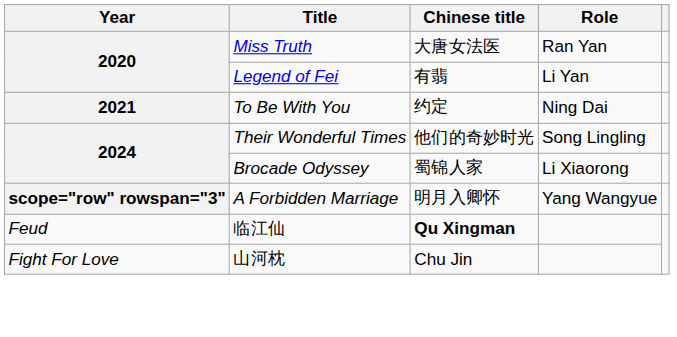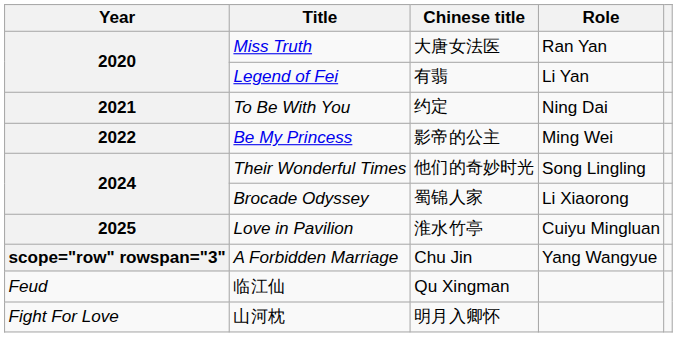 <table class="wikitable sortable plainrowheaders">
 <tr>
 <th scope="col">Year</th>
 <th scope="col">Title</th>
 <th scope="col">Chinese title</th>
 <th scope="col">Role</th>
 <th scope="col" class="unsortable"></th>
 </tr>
 <tr>
 <th scope="row" rowspan="2">2020</th>
 <td><em><a href='#'>Miss Truth</a></em></td>
 <td>大唐女法医</td>
 <td>Ran Yan</td>
 <td style="text-align:center"></td>
 </tr>
 <tr>
 <td><em><a href='#'>Legend of Fei</a></em></td>
 <td>有翡</td>
 <td>Li Yan</td>
 <td style="text-align:center"></td>
 </tr>
 <tr>
 <th scope="row">2021</th>
 <td><em>To Be With You</em></td>
 <td>约定</td>
 <td>Ning Dai</td>
 <td style="text-align:center"></td>
 </tr>
 <tr>
+<th scope="row">2022</th>
+<td><em><a href='#'>Be My Princess</a></em></td>
+<td>影帝的公主</td>
+<td>Ming Wei</td>
+<td style="text-align:center"></td>
+</tr>
+<tr>
 <th scope="row" rowspan="2">2024</th>
 <td><em>Their Wonderful Times</em></td>
 <td>他们的奇妙时光</td>
 <td>Song Lingling</td>
 <td style="text-align:center"></td>
 </tr>
 <tr>
 <td><em>Brocade Odyssey</em></td>
 <td>蜀锦人家</td>
 <td>Li Xiaorong</td>
 <td style="text-align:center"></td>
 </tr>
 <tr>
+<th scope="row">2025</th>
+<td><em>Love in Pavilion</em></td>
+<td>淮水竹亭</td>
+<td>Cuiyu Mingluan</td>
+<td style="text-align:center"></td>
+</tr>
+<tr>
 <th>scope="row" rowspan="3" </th>
 <td><em>A Forbidden Marriage</em></td>
-<td>明月入卿怀</td>
+<td>Chu Jin</td>
 <td>Yang Wangyue</td>
 <td style="text-align:center"></td>
 </tr>
 <tr>
 <td><em>Feud</em></td>
 <td>临江仙</td>
-<td><strong>Qu Xingman</strong></td>
+<td>Qu Xingman</td>
 <td style="text-align:center"></td>
 </tr>
 <tr>
 <td><em>Fight For Love</em></td>
 <td>山河枕</td>
-<td>Chu Jin</td>
+<td>明月入卿怀</td>
 <td style="text-align:center"></td>
 </tr>
 </table>
